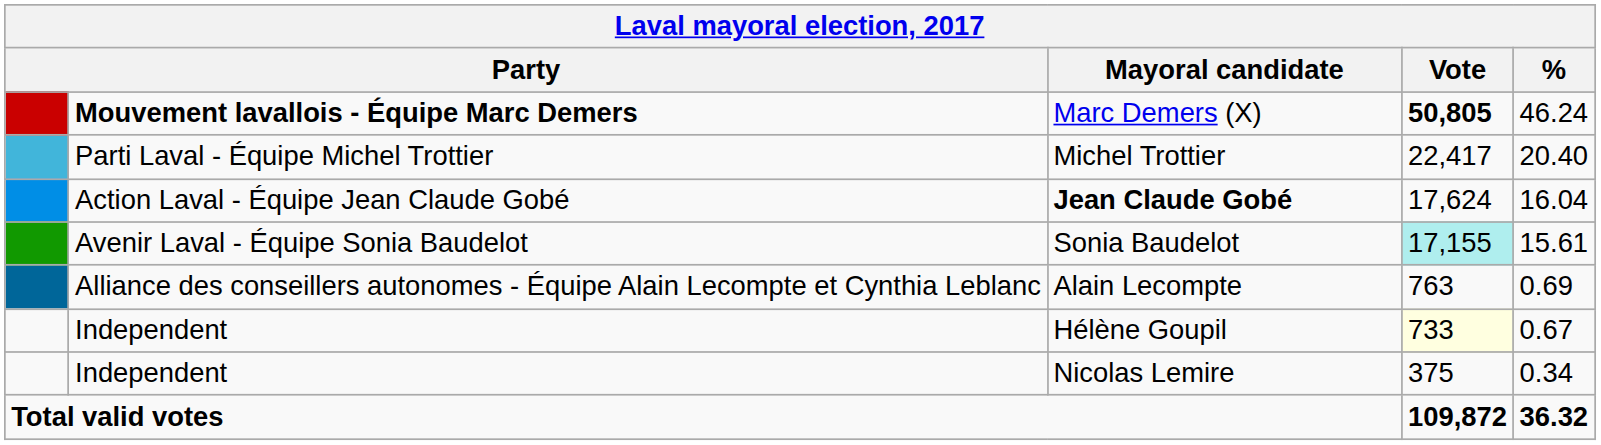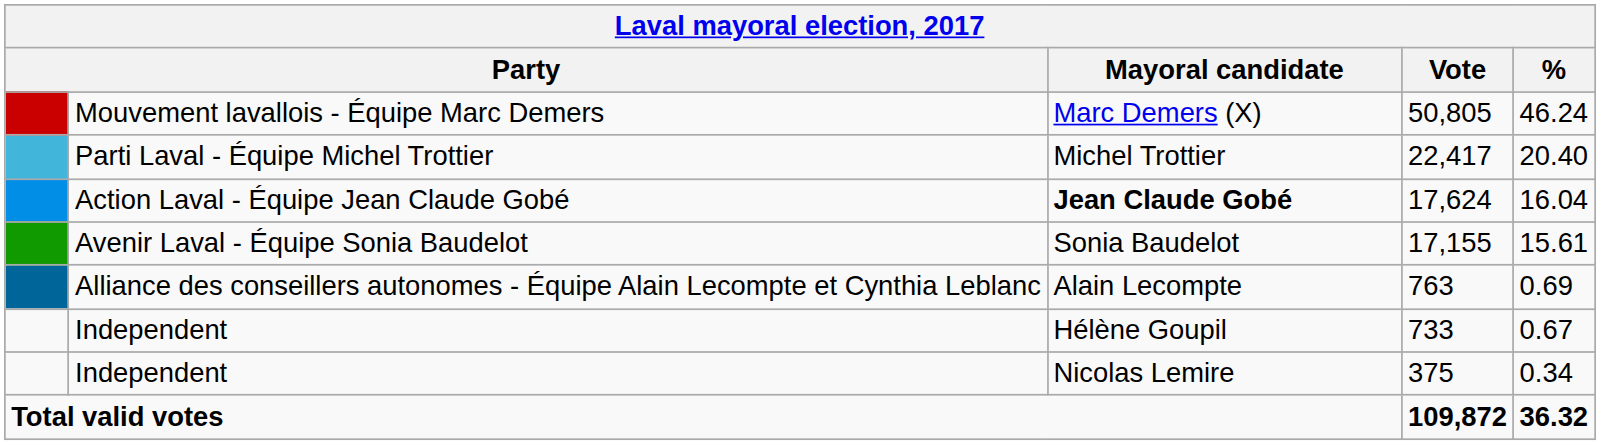 <table class="wikitable">
 <tr>
 <th bgcolor="#DDDDFF" width="230px" colspan="5"><a href='#'>Laval mayoral election, 2017</a></th>
 </tr>
 <tr>
 <th bgcolor="#DDDDFF" width="230px" colspan="2">Party</th>
 <th bgcolor="#DDDDFF" width="200px">Mayoral candidate</th>
 <th bgcolor="#DDDDFF" width="50px">Vote</th>
 <th bgcolor="#DDDDFF" width="30px">%</th>
 </tr>
 <tr>
 <td bgcolor=#CA0000> </td>
-<td><strong>Mouvement lavallois - Équipe Marc Demers</strong></td>
+<td>Mouvement lavallois - Équipe Marc Demers</td>
 <td><a href='#'>Marc Demers</a> (X)</td>
-<td><strong>50,805</strong></td>
+<td>50,805</td>
 <td>46.24</td>
 </tr>
 <tr>
 <td bgcolor=#41B5DA> </td>
 <td>Parti Laval - Équipe Michel Trottier</td>
 <td>Michel Trottier</td>
 <td>22,417</td>
 <td>20.40</td>
 </tr>
 <tr>
 <td bgcolor=#008EE6> </td>
 <td>Action Laval - Équipe Jean Claude Gobé</td>
 <td><strong>Jean Claude Gobé</strong></td>
 <td>17,624</td>
 <td>16.04</td>
 </tr>
 <tr>
 <td bgcolor=#119900  width="30px"> </td>
 <td>Avenir Laval - Équipe Sonia Baudelot</td>
 <td>Sonia Baudelot</td>
-<td style="background: paleturquoise;">17,155</td>
+<td>17,155</td>
 <td>15.61</td>
 </tr>
 <tr>
 <td bgcolor=#006699> </td>
 <td>Alliance des conseillers autonomes - Équipe Alain Lecompte et Cynthia Leblanc</td>
 <td>Alain Lecompte</td>
 <td>763</td>
 <td>0.69</td>
 </tr>
 <tr>
 <td> </td>
 <td>Independent</td>
 <td>Hélène Goupil</td>
-<td style="background: lightyellow;">733</td>
+<td>733</td>
 <td>0.67</td>
 </tr>
 <tr>
 <td> </td>
 <td>Independent</td>
 <td>Nicolas Lemire</td>
 <td>375</td>
 <td>0.34</td>
 </tr>
 <tr>
 <td colspan="3"><strong>Total valid votes</strong></td>
 <td><strong>109,872</strong></td>
 <td><strong>36.32</strong></td>
 </tr>
 </table>
